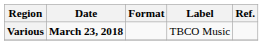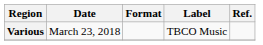 <table class="wikitable plainrowheaders">
 <tr>
 <th scope="col">Region</th>
 <th scope="col">Date</th>
 <th scope="col">Format</th>
 <th scope="col">Label</th>
 <th scope="col">Ref.</th>
 </tr>
 <tr>
 <th scope="row">Various</th>
-<td><strong>March 23, 2018</strong></td>
+<td>March 23, 2018</td>
 <td></td>
 <td>TBCO Music</td>
 <td></td>
 </tr>
 <tr>
 </tr>
 </table>
